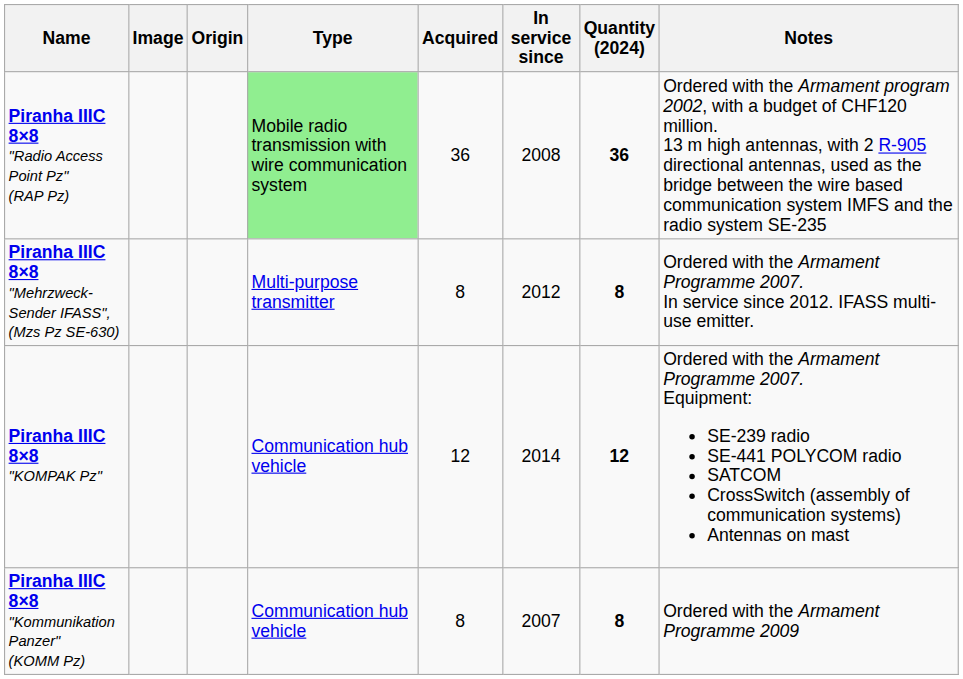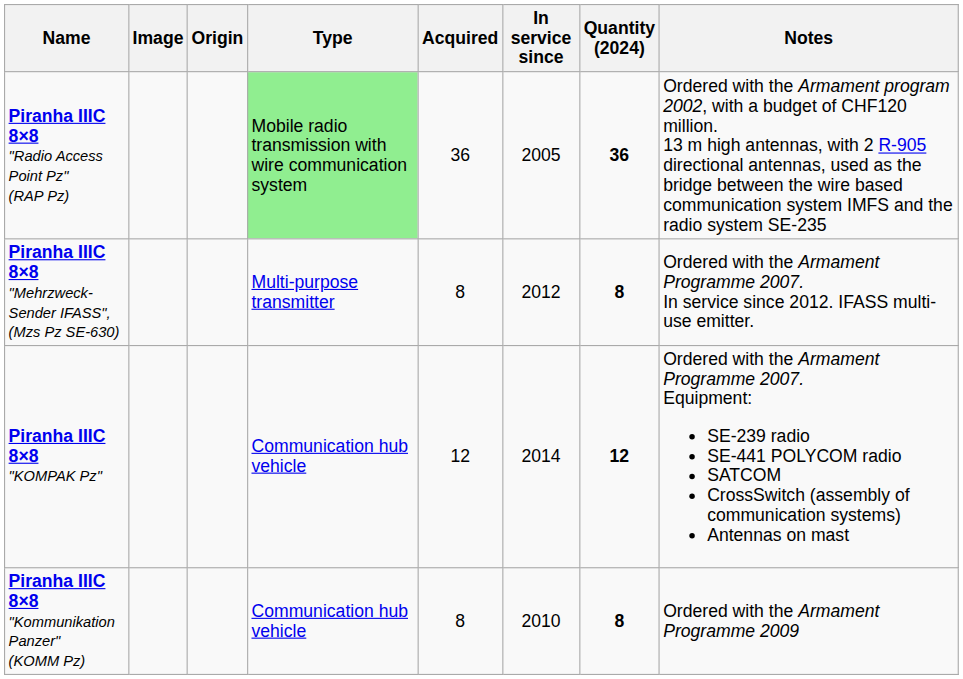 <table class="wikitable">
 <tr>
 <th>Name</th>
 <th>Image</th>
 <th>Origin</th>
 <th>Type</th>
 <th>Acquired</th>
 <th>In service since</th>
 <th>Quantity<br>(2024)</th>
 <th>Notes</th>
 </tr>
 <tr>
 <td><a href='#'><strong>Piranha IIIC 8×8</strong></a><br><small><em>"Radio Access Point Pz"</em></small> <br><small><em>(RAP Pz)</em></small></td>
 <td style="text-align: center; "><br><br></td>
 <td><small></small></td>
 <td style="background: lightgreen;">Mobile radio transmission with wire communication system</td>
 <td style="text-align: center; ">36</td>
-<td style="text-align: center; ">2008</td>
+<td style="text-align: center; ">2005</td>
 <td style="text-align: center; "><strong>36</strong></td>
 <td>Ordered with the <em>Armament program 2002</em>, with a budget of CHF120 million.<br>13 m high antennas, with 2 <a href='#'>R-905</a>  directional antennas, used as the bridge between the wire based communication system IMFS and the radio system SE-235</td>
 </tr>
 <tr>
 <td><a href='#'><strong>Piranha IIIC 8×8</strong></a><br><small><em>"Mehrzweck-Sender IFASS",</em></small> <br><small><em>(Mzs Pz SE-630)</em></small></td>
 <td style="text-align: center; "></td>
 <td><small></small></td>
 <td><a href='#'>Multi-purpose transmitter</a></td>
 <td style="text-align: center; ">8</td>
 <td style="text-align: center; ">2012</td>
 <td style="text-align: center; "><strong>8</strong></td>
 <td>Ordered with the <em>Armament Programme 2007.</em> <br>In service since 2012. IFASS multi-use emitter.</td>
 </tr>
 <tr>
 <td><a href='#'><strong>Piranha IIIC 8×8</strong></a><br><small><em>"KOMPAK Pz"</em></small></td>
 <td style="text-align: center; "><br><br></td>
 <td><small></small></td>
 <td><a href='#'>Communication hub vehicle</a></td>
 <td style="text-align: center; ">12</td>
 <td style="text-align: center; ">2014</td>
 <td style="text-align: center; "><strong>12</strong></td>
 <td>Ordered with the <em>Armament Programme 2007.</em><br>Equipment:<ul><li>SE-239 radio</li><li>SE-441 POLYCOM radio</li><li>SATCOM</li><li>CrossSwitch (assembly of communication systems)</li><li>Antennas on mast</li></ul></td>
 </tr>
 <tr>
 <td><a href='#'><strong>Piranha IIIC 8×8</strong></a><br><small><em>"Kommunikation Panzer"</em> <br><em>(KOMM Pz)</em></small></td>
 <td style="text-align: center; "></td>
 <td><small></small></td>
 <td><a href='#'>Communication hub vehicle</a></td>
 <td style="text-align: center; ">8</td>
-<td style="text-align: center; ">2007</td>
+<td style="text-align: center; ">2010</td>
 <td style="text-align: center; "><strong>8</strong></td>
 <td>Ordered with the <em>Armament Programme 2009</em> </td>
 </tr>
 </table>
